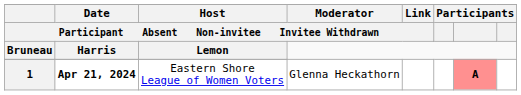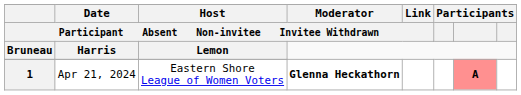 <table class="wikitable mw-collapsible" style="text-align:center;">
 <tr>
 </tr>
 <tr style="font-size:small;">
 <th scope="col"></th>
 <th scope="col">Date</th>
 <th scope="col">Host</th>
 <th scope="col">Moderator</th>
 <th scope="col">Link</th>
 <th scope="col" colspan="3">Participants</th>
 </tr>
 <tr>
 <th colspan="5" rowspan="2"> <small>Participant  </small> <small>Absent  </small> <small>Non-invitee  </small> <small>Invitee Withdrawn</small></th>
 <th scope="col" style="background:"></th>
 <th scope="col" style="background:"></th>
 <th scope="col" style="background:"></th>
 </tr>
 <tr>
 </tr>
 <tr style="font-size:small;">
 <th scope="col">Bruneau</th>
 <th scope="col">Harris</th>
 <th scope="col">Lemon</th>
 </tr>
 <tr>
 </tr>
 <tr style="background:#FFFFFF;font-size:small;">
 <th scope="row">1</th>
-<td style="white-space:nowrap;"><strong>Apr 21, 2024</strong></td>
+<td style="white-space:nowrap;">Apr 21, 2024</td>
 <td style="white-space:nowrap;">Eastern Shore<br><a href='#'>League of Women Voters</a></td>
-<td style="white-space:nowrap;">Glenna Heckathorn</td>
+<td style="white-space:nowrap;"><strong>Glenna Heckathorn</strong></td>
 <td style="white-space:nowrap;"></td>
 <td></td>
 <td style="background:#ff9090; color:black; text-align:center;"><strong>A</strong></td>
 <td></td>
 </tr>
 </table>
